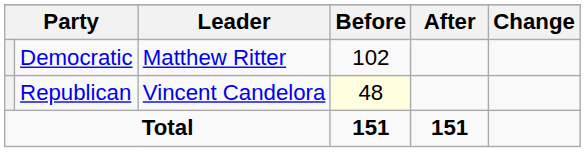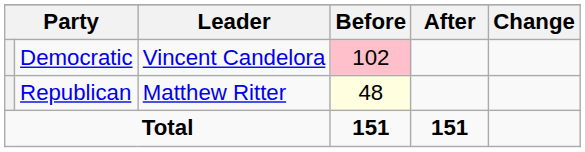 <table class="wikitable" style="text-align:center;">
 <tr>
 </tr>
 <tr>
 <th colspan="2">Party</th>
 <th>Leader</th>
 <th style="width:3em">Before</th>
 <th style="width:3em">After</th>
 <th style="width:3em">Change</th>
 </tr>
 <tr>
 <th style="background-color:"></th>
 <td style="text-align:left;"><a href='#'>Democratic</a></td>
-<td style="text-align:left;"><a href='#'>Matthew Ritter</a></td>
-<td>102</td>
+<td style="text-align:left;"><a href='#'>Vincent Candelora</a></td>
+<td style="background: pink;">102</td>
 <td></td>
 <td></td>
 </tr>
 <tr>
 <th style="background-color:"></th>
 <td style="text-align:left;"><a href='#'>Republican</a></td>
-<td style="text-align:left;"><a href='#'>Vincent Candelora</a></td>
+<td style="text-align:left;"><a href='#'>Matthew Ritter</a></td>
 <td style="background: lightyellow;">48</td>
 <td></td>
 <td></td>
 </tr>
 <tr>
 <td colspan="3"><strong>Total</strong></td>
 <td><strong>151</strong></td>
 <td><strong>151</strong></td>
 <td></td>
 </tr>
 </table>
